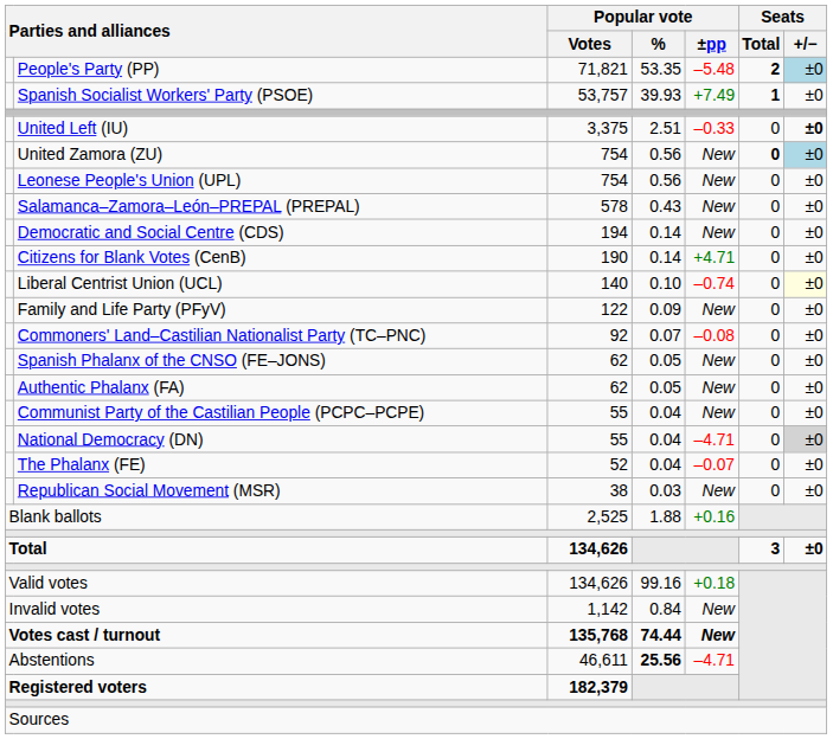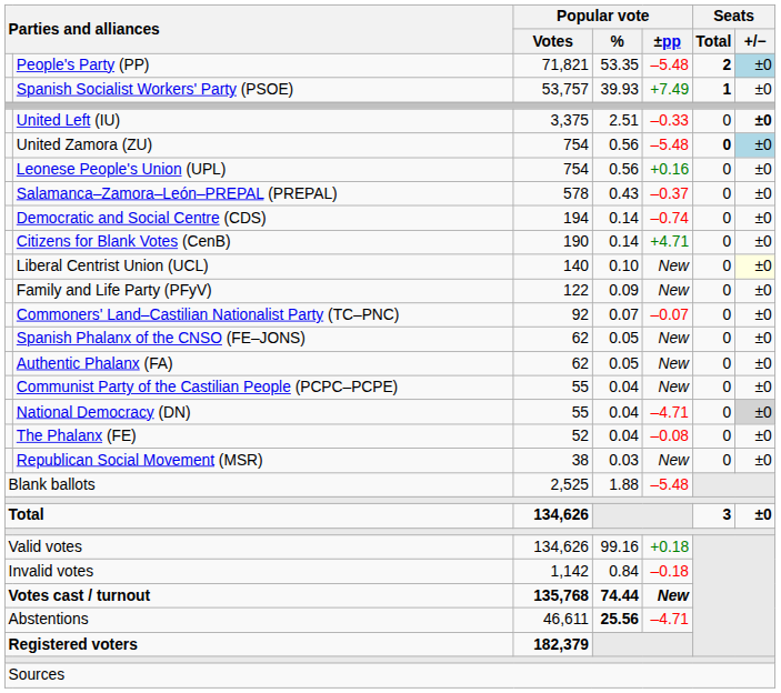 <table class="wikitable" style="text-align:right;">
 <tr>
 <th style="text-align:left;" rowspan="2" colspan="2" width="525">Parties and alliances</th>
 <th colspan="3">Popular vote</th>
 <th colspan="2">Seats</th>
 </tr>
 <tr>
 <th width="75">Votes</th>
 <th width="45">%</th>
 <th width="45">±<a href='#'>pp</a></th>
 <th width="35">Total</th>
 <th width="35">+/−</th>
 </tr>
 <tr>
 <td width="1" style="color:inherit;background:"></td>
 <td align="left"><a href='#'>People's Party</a> (PP)</td>
 <td>71,821</td>
 <td>53.35</td>
 <td style="color:red;">–5.48</td>
 <td><strong>2</strong></td>
 <td style="background: lightblue;">±0</td>
 </tr>
 <tr>
 <td style="color:inherit;background:"></td>
 <td align="left"><a href='#'>Spanish Socialist Workers' Party</a> (PSOE)</td>
 <td>53,757</td>
 <td>39.93</td>
 <td style="color:green;">+7.49</td>
 <td><strong>1</strong></td>
 <td>±0</td>
 </tr>
 <tr>
 <td colspan="7" bgcolor="#C0C0C0"></td>
 </tr>
 <tr>
 <td style="color:inherit;background:"></td>
 <td align="left"><a href='#'>United Left</a> (IU)</td>
 <td>3,375</td>
 <td>2.51</td>
 <td style="color:red;">–0.33</td>
 <td>0</td>
 <td><strong>±0</strong></td>
 </tr>
 <tr>
 <td style="color:inherit;background:"></td>
 <td align="left">United Zamora (ZU)</td>
 <td>754</td>
 <td>0.56</td>
-<td><em>New</em></td>
+<td style="color:red;">–5.48</td>
 <td><strong>0</strong></td>
 <td style="background: lightblue;">±0</td>
 </tr>
 <tr>
 <td style="color:inherit;background:"></td>
 <td align="left"><a href='#'>Leonese People's Union</a> (UPL)</td>
 <td>754</td>
 <td>0.56</td>
-<td><em>New</em></td>
+<td style="color:green;">+0.16</td>
 <td>0</td>
 <td>±0</td>
 </tr>
 <tr>
 <td style="color:inherit;background:"></td>
 <td align="left"><a href='#'>Salamanca–Zamora–León–PREPAL</a> (PREPAL)</td>
 <td>578</td>
 <td>0.43</td>
-<td><em>New</em></td>
+<td style="color:red;">–0.37</td>
 <td>0</td>
 <td>±0</td>
 </tr>
 <tr>
 <td style="color:inherit;background:"></td>
 <td align="left"><a href='#'>Democratic and Social Centre</a> (CDS)</td>
 <td>194</td>
 <td>0.14</td>
-<td><em>New</em></td>
+<td style="color:red;">–0.74</td>
 <td>0</td>
 <td>±0</td>
 </tr>
 <tr>
 <td style="color:inherit;background:"></td>
 <td align="left"><a href='#'>Citizens for Blank Votes</a> (CenB)</td>
 <td>190</td>
 <td>0.14</td>
 <td style="color:green;">+4.71</td>
 <td>0</td>
 <td>±0</td>
 </tr>
 <tr>
 <td style="color:inherit;background:"></td>
 <td align="left">Liberal Centrist Union (UCL)</td>
 <td>140</td>
 <td>0.10</td>
-<td style="color:red;">–0.74</td>
+<td><em>New</em></td>
 <td>0</td>
 <td style="background: lightyellow;">±0</td>
 </tr>
 <tr>
 <td style="color:inherit;background:"></td>
 <td align="left">Family and Life Party (PFyV)</td>
 <td>122</td>
 <td>0.09</td>
 <td><em>New</em></td>
 <td>0</td>
 <td>±0</td>
 </tr>
 <tr>
 <td style="color:inherit;background:"></td>
 <td align="left"><a href='#'>Commoners' Land–Castilian Nationalist Party</a> (TC–PNC)</td>
 <td>92</td>
 <td>0.07</td>
-<td style="color:red;">–0.08</td>
+<td style="color:red;">–0.07</td>
 <td>0</td>
 <td>±0</td>
 </tr>
 <tr>
 <td style="color:inherit;background:"></td>
 <td align="left"><a href='#'>Spanish Phalanx of the CNSO</a> (FE–JONS)</td>
 <td>62</td>
 <td>0.05</td>
 <td><em>New</em></td>
 <td>0</td>
 <td>±0</td>
 </tr>
 <tr>
 <td style="color:inherit;background:"></td>
 <td align="left"><a href='#'>Authentic Phalanx</a> (FA)</td>
 <td>62</td>
 <td>0.05</td>
 <td><em>New</em></td>
 <td>0</td>
 <td>±0</td>
 </tr>
 <tr>
 <td style="color:inherit;background:"></td>
 <td align="left"><a href='#'>Communist Party of the Castilian People</a> (PCPC–PCPE)</td>
 <td>55</td>
 <td>0.04</td>
 <td><em>New</em></td>
 <td>0</td>
 <td>±0</td>
 </tr>
 <tr>
 <td style="color:inherit;background:"></td>
 <td align="left"><a href='#'>National Democracy</a> (DN)</td>
 <td>55</td>
 <td>0.04</td>
 <td style="color:red;">–4.71</td>
 <td>0</td>
 <td style="background: lightgrey;">±0</td>
 </tr>
 <tr>
 <td style="color:inherit;background:"></td>
 <td align="left"><a href='#'>The Phalanx</a> (FE)</td>
 <td>52</td>
 <td>0.04</td>
-<td style="color:red;">–0.07</td>
+<td style="color:red;">–0.08</td>
 <td>0</td>
 <td>±0</td>
 </tr>
 <tr>
 <td style="color:inherit;background:"></td>
 <td align="left"><a href='#'>Republican Social Movement</a> (MSR)</td>
 <td>38</td>
 <td>0.03</td>
 <td><em>New</em></td>
 <td>0</td>
 <td>±0</td>
 </tr>
 <tr>
 <td align="left" colspan="2">Blank ballots</td>
 <td>2,525</td>
 <td>1.88</td>
-<td style="color:green;">+0.16</td>
+<td style="color:red;">–5.48</td>
 <td bgcolor="#E9E9E9" colspan="2"></td>
 </tr>
 <tr>
 <td colspan="7" bgcolor="#E9E9E9"></td>
 </tr>
 <tr style="font-weight:bold;">
 <td align="left" colspan="2">Total</td>
 <td>134,626</td>
 <td bgcolor="#E9E9E9" colspan="2"></td>
 <td>3</td>
 <td>±0</td>
 </tr>
 <tr>
 <td colspan="7" bgcolor="#E9E9E9"></td>
 </tr>
 <tr>
 <td align="left" colspan="2">Valid votes</td>
 <td>134,626</td>
 <td>99.16</td>
 <td style="color:green;">+0.18</td>
 <td bgcolor="#E9E9E9" colspan="2" rowspan="5"></td>
 </tr>
 <tr>
 <td align="left" colspan="2">Invalid votes</td>
 <td>1,142</td>
 <td>0.84</td>
-<td><em>New</em></td>
+<td style="color:red;">–0.18</td>
 </tr>
 <tr style="font-weight:bold;">
 <td align="left" colspan="2">Votes cast / turnout</td>
 <td>135,768</td>
 <td>74.44</td>
 <td><em>New</em></td>
 </tr>
 <tr>
 <td align="left" colspan="2">Abstentions</td>
 <td>46,611</td>
 <td><strong>25.56</strong></td>
 <td style="color:red;">–4.71</td>
 </tr>
 <tr style="font-weight:bold;">
 <td align="left" colspan="2">Registered voters</td>
 <td>182,379</td>
 <td bgcolor="#E9E9E9" colspan="2"></td>
 </tr>
 <tr>
 <td colspan="7" bgcolor="#E9E9E9"></td>
 </tr>
 <tr>
 <td align="left" colspan="7">Sources</td>
 </tr>
 </table>
